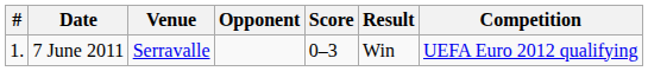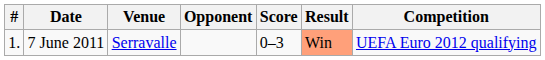 <table class="wikitable">
 <tr>
 <th>#</th>
 <th>Date</th>
 <th>Venue</th>
 <th>Opponent</th>
 <th>Score</th>
 <th>Result</th>
 <th>Competition</th>
 </tr>
 <tr>
 <td>1.</td>
 <td>7 June 2011</td>
 <td><a href='#'>Serravalle</a></td>
 <td></td>
 <td>0–3</td>
-<td>Win</td>
+<td style="background: lightsalmon;">Win</td>
 <td><a href='#'>UEFA Euro 2012 qualifying</a></td>
 </tr>
 <tr>
 </tr>
 </table>
